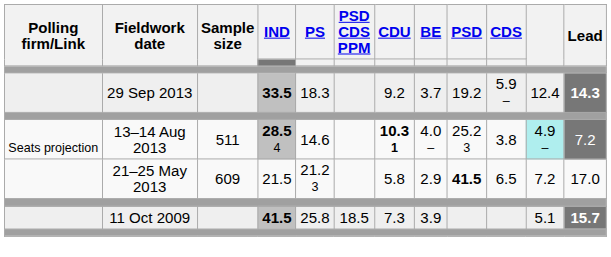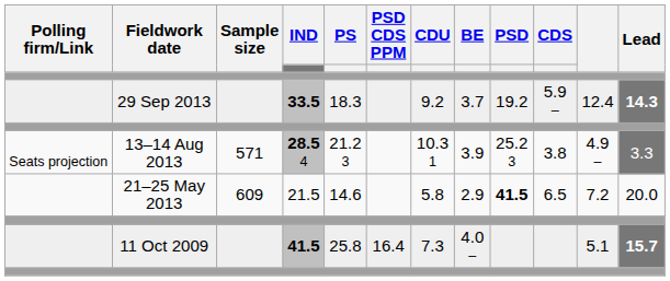 <table class="wikitable collapsible sortable" style="text-align:center; font-size:95%; line-height:16px;">
 <tr style="height:42px;">
 <th style="width:145px;" rowspan="2">Polling firm/Link</th>
 <th style="width:125px;" rowspan="2">Fieldwork date</th>
 <th class="unsortable" style="width:50px;" rowspan="2">Sample size</th>
 <th class="unsortable" style="width:35px;"><a href='#'>IND</a></th>
 <th class="unsortable" style="width:35px;"><a href='#'>PS</a></th>
 <th class="unsortable" style="width:35px;"><a href='#'>PSD</a><br><a href='#'>CDS</a><br><a href='#'>PPM</a></th>
 <th class="unsortable" style="width:35px;"><a href='#'>CDU</a></th>
 <th class="unsortable" style="width:35px;"><a href='#'>BE</a></th>
 <th class="unsortable" style="width:35px;"><a href='#'>PSD</a></th>
 <th class="unsortable" style="width:35px;"><a href='#'>CDS</a></th>
 <th class="unsortable" style="width:35px;" rowspan="2"></th>
 <th class="unsortable" style="width:30px;" rowspan="2">Lead</th>
 </tr>
 <tr>
 <th class="unsortable" style="color:inherit;background:#777777;"></th>
 <th class="unsortable" style="color:inherit;background:"></th>
 <th class="unsortable" style="color:inherit;background:"></th>
 <th class="unsortable" style="color:inherit;background:"></th>
 <th class="unsortable" style="color:inherit;background:"></th>
 <th class="unsortable" style="color:inherit;background:"></th>
 <th class="unsortable" style="color:inherit;background:"></th>
 </tr>
 <tr>
 <td colspan="13" style="background:#A0A0A0"></td>
 </tr>
 <tr style="background:#EFEFEF;">
 <td><strong></strong></td>
 <td data-sort-value="2019-10-06">29 Sep 2013</td>
 <td></td>
 <td style="background:#C0C0C0"><strong>33.5</strong><br></td>
 <td>18.3<br></td>
 <td></td>
 <td>9.2<br></td>
 <td>3.7<br></td>
 <td>19.2<br></td>
 <td align="center">5.9<br><small>– </small></td>
 <td>12.4<br></td>
 <td style="background:#777777; color:white;"><strong>14.3</strong></td>
 </tr>
 <tr>
 <td colspan="13" style="background:#A0A0A0"></td>
 </tr>
 <tr>
 <td align="center"><br><small>Seats projection</small></td>
 <td align="center">13–14 Aug 2013</td>
-<td>511</td>
+<td>571</td>
 <td align="center" style="background:#C0C0C0"><strong>28.5</strong><br><small>4 </small></td>
-<td align="center">14.6</td>
+<td align="center">21.2<br><small>3 </small></td>
 <td></td>
-<td align="center"><strong>10.3<br><small> 1</small></strong></td>
-<td align="center">4.0<br><small>– </small></td>
+<td align="center">10.3<br><small> 1</small></td>
+<td>3.9<br></td>
 <td align="center">25.2<br><small>3 </small></td>
 <td>3.8<br></td>
-<td align="center" style="background: paleturquoise;">4.9<br><small> – </small></td>
-<td style="background:#777777;; color:white;">7.2</td>
+<td align="center">4.9<br><small> – </small></td>
+<td style="background:#777777;; color:white;">3.3</td>
 </tr>
 <tr>
 <td align="center"></td>
 <td align="center">21–25 May 2013</td>
 <td>609</td>
 <td align="center">21.5</td>
-<td align="center">21.2<br><small>3 </small></td>
+<td align="center">14.6</td>
 <td></td>
 <td align="center">5.8</td>
 <td align="center">2.9</td>
 <td align="center" ><strong>41.5</strong></td>
 <td align="center">6.5</td>
 <td align="center">7.2</td>
-<td style="background:">17.0</td>
+<td style="background:">20.0</td>
 </tr>
 <tr>
 <td colspan="13" style="background:#A0A0A0"></td>
 </tr>
 <tr style="background:#EFEFEF;">
 <td><strong></strong></td>
 <td data-sort-value="2019-10-06">11 Oct 2009</td>
 <td></td>
 <td style="background:#C0C0C0"><strong>41.5</strong><br></td>
 <td>25.8<br></td>
-<td>18.5<br></td>
+<td>16.4<br></td>
 <td>7.3<br></td>
-<td>3.9<br></td>
+<td align="center">4.0<br><small>– </small></td>
 <td></td>
 <td></td>
 <td>5.1<br></td>
 <td style="background:#777777; color:white;"><strong>15.7</strong></td>
 </tr>
 <tr>
 <td colspan="13" style="background:#A0A0A0"></td>
 </tr>
 <tr>
 </tr>
 </table>
